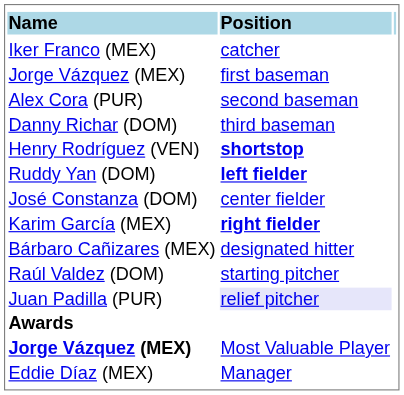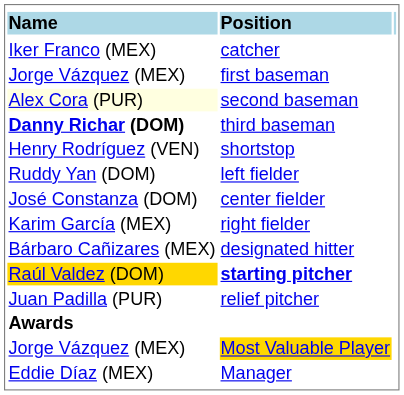 <table cellpadding="1" width="350px" style="font-size: 100%; border: 1px solid gray;">
 <tr align="center" style="font-size: larger;">
 <td colspan=6></td>
 </tr>
 <tr style="background:lightblue;">
 <td><strong>Name</strong></td>
 <td><strong>Position</strong></td>
 <td></td>
 </tr>
 <tr align="center" style="vertical-align: middle;" style="background:lightblue;">
 </tr>
 <tr>
 <td><a href='#'>Iker Franco</a> (MEX)</td>
 <td><a href='#'>catcher</a></td>
 </tr>
 <tr>
 <td><a href='#'>Jorge Vázquez</a> (MEX)</td>
 <td><a href='#'>first baseman</a></td>
 </tr>
 <tr>
-<td><a href='#'>Alex Cora</a> (PUR)</td>
+<td style="background: lightyellow;"><a href='#'>Alex Cora</a> (PUR)</td>
 <td><a href='#'>second baseman</a></td>
 </tr>
 <tr>
-<td><a href='#'>Danny Richar</a> (DOM)</td>
+<td><strong><a href='#'>Danny Richar</a> (DOM)</strong></td>
 <td><a href='#'>third baseman</a></td>
 </tr>
 <tr>
 <td><a href='#'>Henry Rodríguez</a> (VEN)</td>
-<td><strong><a href='#'>shortstop</a></strong></td>
+<td><a href='#'>shortstop</a></td>
 </tr>
 <tr>
 <td><a href='#'>Ruddy Yan</a> (DOM)</td>
-<td><strong><a href='#'>left fielder</a></strong></td>
+<td><a href='#'>left fielder</a></td>
 </tr>
 <tr>
 <td><a href='#'>José Constanza</a> (DOM)</td>
 <td><a href='#'>center fielder</a></td>
 </tr>
 <tr>
 <td><a href='#'>Karim García</a> (MEX)</td>
-<td><strong><a href='#'>right fielder</a></strong></td>
+<td><a href='#'>right fielder</a></td>
 </tr>
 <tr>
 <td><a href='#'>Bárbaro Cañizares</a> (MEX)</td>
 <td><a href='#'>designated hitter</a></td>
 </tr>
 <tr>
-<td><a href='#'>Raúl Valdez</a> (DOM)</td>
-<td><a href='#'>starting pitcher</a></td>
+<td style="background: gold;"><a href='#'>Raúl Valdez</a> (DOM)</td>
+<td><strong><a href='#'>starting pitcher</a></strong></td>
 </tr>
 <tr>
 <td><a href='#'>Juan Padilla</a> (PUR)</td>
-<td style="background: lavender;"><a href='#'>relief pitcher</a></td>
+<td><a href='#'>relief pitcher</a></td>
 </tr>
 <tr>
 <td><strong>Awards</strong></td>
 </tr>
 <tr>
-<td><strong><a href='#'>Jorge Vázquez</a> (MEX)</strong></td>
-<td><a href='#'>Most Valuable Player</a></td>
+<td><a href='#'>Jorge Vázquez</a> (MEX)</td>
+<td style="background: gold;"><a href='#'>Most Valuable Player</a></td>
 </tr>
 <tr>
 <td><a href='#'>Eddie Díaz</a> (MEX)</td>
 <td><a href='#'>Manager</a></td>
 </tr>
 <tr>
 </tr>
 </table>
